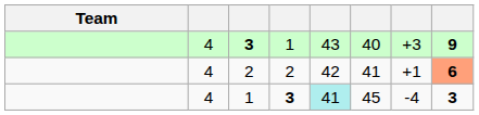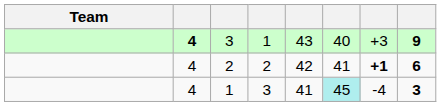 <table class="wikitable" style="text-align:center;font-size:95%">
 <tr>
 <th width=160>Team</th>
 <th width=30></th>
 <th width=30></th>
 <th width=30></th>
 <th width=30></th>
 <th width=30></th>
 <th width=30></th>
 <th width=30></th>
 </tr>
 <tr bgcolor=ccffcc>
 <td align="left"></td>
-<td>4</td>
-<td><strong>3</strong></td>
+<td><strong>4</strong></td>
+<td>3</td>
 <td>1</td>
 <td>43</td>
 <td>40</td>
 <td>+3</td>
 <td><strong>9</strong></td>
 </tr>
 <tr>
 <td align="left"></td>
 <td>4</td>
 <td>2</td>
 <td>2</td>
 <td>42</td>
 <td>41</td>
-<td>+1</td>
-<td style="background: lightsalmon;"><strong>6</strong></td>
+<td><strong>+1</strong></td>
+<td><strong>6</strong></td>
 </tr>
 <tr>
 <td align="left"></td>
 <td>4</td>
 <td>1</td>
-<td><strong>3</strong></td>
-<td style="background: paleturquoise;">41</td>
-<td>45</td>
+<td>3</td>
+<td>41</td>
+<td style="background: paleturquoise;">45</td>
 <td>-4</td>
 <td><strong>3</strong></td>
 </tr>
 </table>
